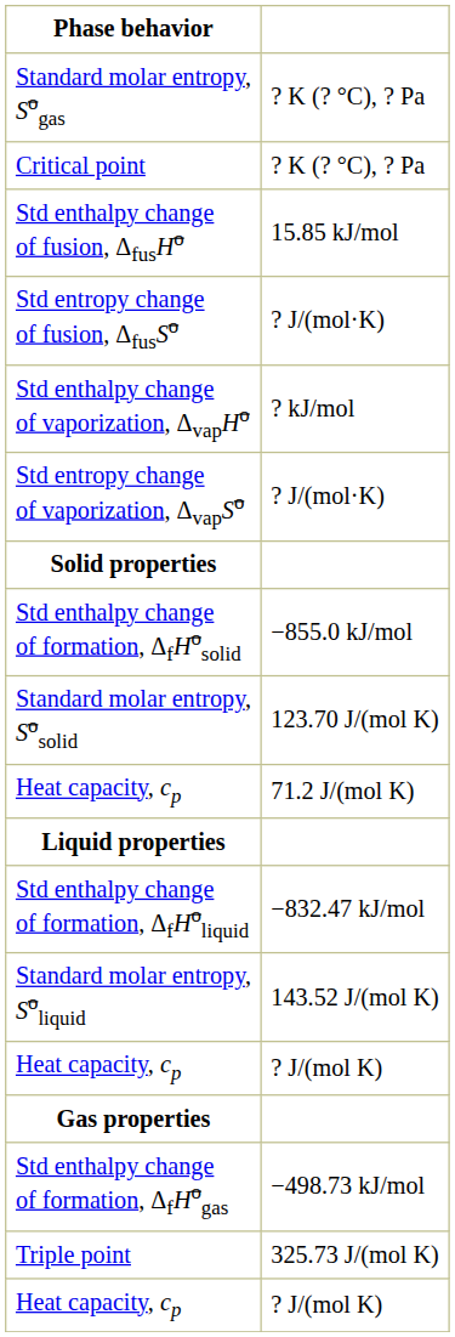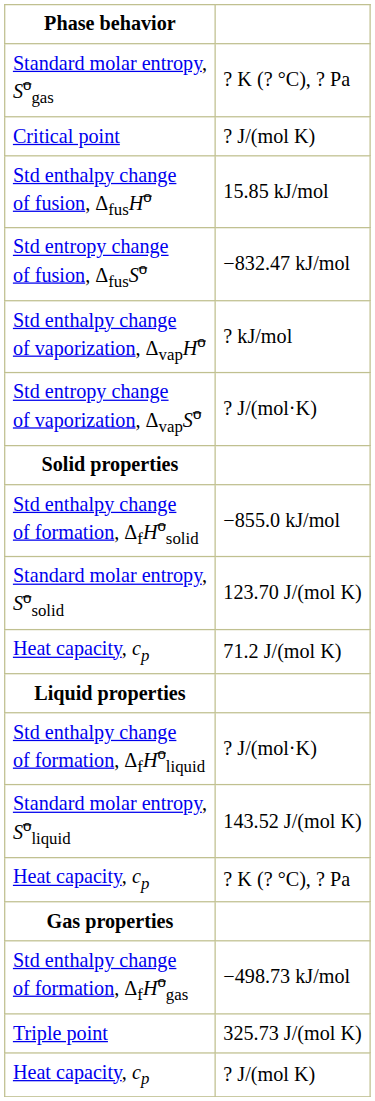 <table border="1" cellspacing="0" cellpadding="6" style="margin: 0 0 0 0.5em; background: #FFFFFF; border-collapse: collapse; border-color: #C0C090;">
 <tr>
 <th>Phase behavior</th>
 </tr>
 <tr>
 <td><a href='#'>Standard molar entropy</a>,<br><em>S</em><sup><s>o</s></sup><sub>gas</sub></td>
 <td>? K (? °C), ? Pa</td>
 </tr>
 <tr>
 <td><a href='#'>Critical point</a></td>
-<td>? K (? °C), ? Pa</td>
+<td>? J/(mol K)</td>
 </tr>
 <tr>
 <td><a href='#'>Std enthalpy change<br>of fusion</a>, Δ<sub>fus</sub><em>H</em><sup><s>o</s></sup></td>
 <td>15.85 kJ/mol</td>
 </tr>
 <tr>
 <td><a href='#'>Std entropy change<br>of fusion</a>, Δ<sub>fus</sub><em>S</em><sup><s>o</s></sup></td>
-<td>? J/(mol·K)</td>
+<td>−832.47 kJ/mol</td>
 </tr>
 <tr>
 <td><a href='#'>Std enthalpy change<br>of vaporization</a>, Δ<sub>vap</sub><em>H</em><sup><s>o</s></sup></td>
 <td>? kJ/mol</td>
 </tr>
 <tr>
 <td><a href='#'>Std entropy change<br>of vaporization</a>, Δ<sub>vap</sub><em>S</em><sup><s>o</s></sup></td>
 <td>? J/(mol·K)</td>
 </tr>
 <tr>
 <th>Solid properties</th>
 </tr>
 <tr>
 <td><a href='#'>Std enthalpy change<br>of formation</a>, Δ<sub>f</sub><em>H</em><sup><s>o</s></sup><sub>solid</sub></td>
 <td>−855.0 kJ/mol</td>
 </tr>
 <tr>
 <td><a href='#'>Standard molar entropy</a>,<br><em>S</em><sup><s>o</s></sup><sub>solid</sub></td>
 <td>123.70 J/(mol K)</td>
 </tr>
 <tr>
 <td><a href='#'>Heat capacity</a>, <em>c<sub>p</sub></em></td>
 <td>71.2 J/(mol K)</td>
 </tr>
 <tr>
 <th>Liquid properties</th>
 </tr>
 <tr>
 <td><a href='#'>Std enthalpy change<br>of formation</a>, Δ<sub>f</sub><em>H</em><sup><s>o</s></sup><sub>liquid</sub></td>
-<td>−832.47 kJ/mol</td>
+<td>? J/(mol·K)</td>
 </tr>
 <tr>
 <td><a href='#'>Standard molar entropy</a>,<br><em>S</em><sup><s>o</s></sup><sub>liquid</sub></td>
 <td>143.52 J/(mol K)</td>
 </tr>
 <tr>
 <td><a href='#'>Heat capacity</a>, <em>c<sub>p</sub></em></td>
-<td>? J/(mol K)</td>
+<td>? K (? °C), ? Pa</td>
 </tr>
 <tr>
 <th>Gas properties</th>
 </tr>
 <tr>
 <td><a href='#'>Std enthalpy change<br>of formation</a>, Δ<sub>f</sub><em>H</em><sup><s>o</s></sup><sub>gas</sub></td>
 <td>−498.73 kJ/mol</td>
 </tr>
 <tr>
 <td><a href='#'>Triple point</a></td>
 <td>325.73 J/(mol K)</td>
 </tr>
 <tr>
 <td><a href='#'>Heat capacity</a>, <em>c<sub>p</sub></em></td>
 <td>? J/(mol K)</td>
 </tr>
 <tr>
 </tr>
 </table>
